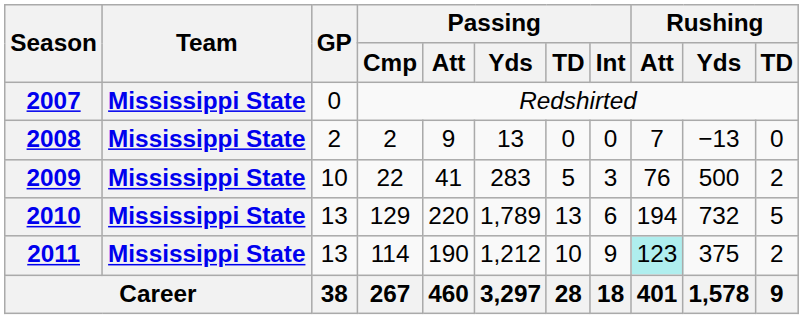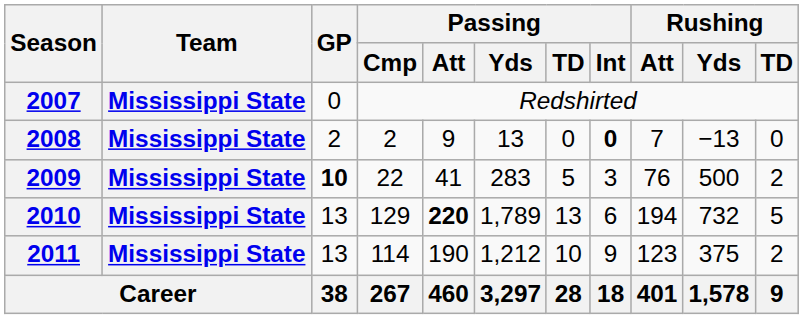 <table class="wikitable" style="text-align: center;">
 <tr>
 <th rowspan="2">Season</th>
 <th rowspan="2">Team</th>
 <th rowspan="2">GP</th>
 <th colspan="5">Passing</th>
 <th colspan="3">Rushing</th>
 </tr>
 <tr>
 <th>Cmp</th>
 <th>Att</th>
 <th>Yds</th>
 <th>TD</th>
 <th>Int</th>
 <th>Att</th>
 <th>Yds</th>
 <th>TD</th>
 </tr>
 <tr>
 <th><a href='#'>2007</a></th>
 <th><a href='#'>Mississippi State</a></th>
 <td>0</td>
 <td colspan="8"><em>Redshirted</em></td>
 </tr>
 <tr>
 <th><a href='#'>2008</a></th>
 <th><a href='#'>Mississippi State</a></th>
 <td>2</td>
 <td>2</td>
 <td>9</td>
 <td>13</td>
 <td>0</td>
-<td>0</td>
+<td><strong>0</strong></td>
 <td>7</td>
 <td>−13</td>
 <td>0</td>
 </tr>
 <tr>
 <th><a href='#'>2009</a></th>
 <th><a href='#'>Mississippi State</a></th>
-<td>10</td>
+<td><strong>10</strong></td>
 <td>22</td>
 <td>41</td>
 <td>283</td>
 <td>5</td>
 <td>3</td>
 <td>76</td>
 <td>500</td>
 <td>2</td>
 </tr>
 <tr>
 <th><a href='#'>2010</a></th>
 <th><a href='#'>Mississippi State</a></th>
 <td>13</td>
 <td>129</td>
-<td>220</td>
+<td><strong>220</strong></td>
 <td>1,789</td>
 <td>13</td>
 <td>6</td>
 <td>194</td>
 <td>732</td>
 <td>5</td>
 </tr>
 <tr>
 <th><a href='#'>2011</a></th>
 <th><a href='#'>Mississippi State</a></th>
 <td>13</td>
 <td>114</td>
 <td>190</td>
 <td>1,212</td>
 <td>10</td>
 <td>9</td>
-<td style="background: paleturquoise;">123</td>
+<td>123</td>
 <td>375</td>
 <td>2</td>
 </tr>
 <tr>
 <th colspan="2">Career</th>
 <th>38</th>
 <th>267</th>
 <th>460</th>
 <th>3,297</th>
 <th>28</th>
 <th>18</th>
 <th>401</th>
 <th>1,578</th>
 <th>9</th>
 </tr>
 </table>
